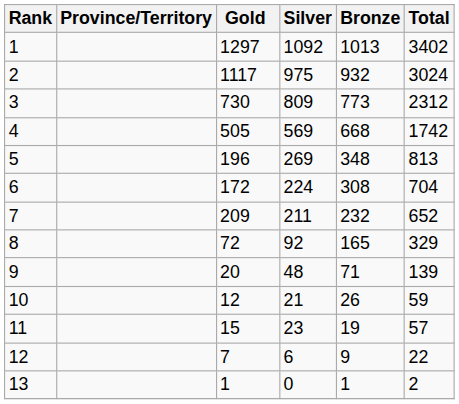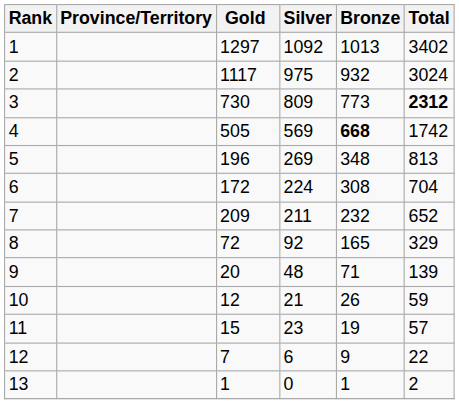 <table class="wikitable">
 <tr>
 <th>Rank</th>
 <th>Province/Territory</th>
 <th bgcolor="gold"> Gold  </th>
 <th bgcolor="silver">Silver</th>
 <th bgcolor="CC9966">Bronze</th>
 <th>Total</th>
 </tr>
 <tr>
 <td>1</td>
 <td></td>
 <td>1297</td>
 <td>1092</td>
 <td>1013</td>
 <td>3402</td>
 </tr>
 <tr>
 <td>2</td>
 <td></td>
 <td>1117</td>
 <td>975</td>
 <td>932</td>
 <td>3024</td>
 </tr>
 <tr>
 <td>3</td>
 <td></td>
 <td>730</td>
 <td>809</td>
 <td>773</td>
-<td>2312</td>
+<td><strong>2312</strong></td>
 </tr>
 <tr>
 <td>4</td>
 <td></td>
 <td>505</td>
 <td>569</td>
-<td>668</td>
+<td><strong>668</strong></td>
 <td>1742</td>
 </tr>
 <tr>
 <td>5</td>
 <td></td>
 <td>196</td>
 <td>269</td>
 <td>348</td>
 <td>813</td>
 </tr>
 <tr>
 <td>6</td>
 <td></td>
 <td>172</td>
 <td>224</td>
 <td>308</td>
 <td>704</td>
 </tr>
 <tr>
 <td>7</td>
 <td></td>
 <td>209</td>
 <td>211</td>
 <td>232</td>
 <td>652</td>
 </tr>
 <tr>
 <td>8</td>
 <td></td>
 <td>72</td>
 <td>92</td>
 <td>165</td>
 <td>329</td>
 </tr>
 <tr>
 <td>9</td>
 <td></td>
 <td>20</td>
 <td>48</td>
 <td>71</td>
 <td>139</td>
 </tr>
 <tr>
 <td>10</td>
 <td></td>
 <td>12</td>
 <td>21</td>
 <td>26</td>
 <td>59</td>
 </tr>
 <tr>
 <td>11</td>
 <td></td>
 <td>15</td>
 <td>23</td>
 <td>19</td>
 <td>57</td>
 </tr>
 <tr>
 <td>12</td>
 <td></td>
 <td>7</td>
 <td>6</td>
 <td>9</td>
 <td>22</td>
 </tr>
 <tr>
 <td>13</td>
 <td></td>
 <td>1</td>
 <td>0</td>
 <td>1</td>
 <td>2</td>
 </tr>
 <tr>
 </tr>
 </table>
